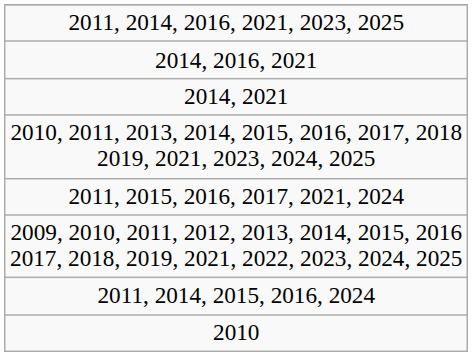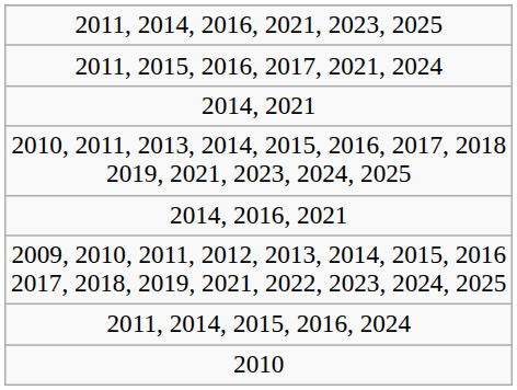 <table class="wikitable" style="text-align:center;">
 <tr>
 </tr>
 <tr>
 <td>2011, 2014, 2016, 2021, 2023, 2025<br></td>
 </tr>
 <tr>
-<td>2014, 2016, 2021<br></td>
+<td>2011, 2015, 2016, 2017, 2021, 2024<br></td>
 </tr>
 <tr>
 <td>2014, 2021<br></td>
 </tr>
 <tr>
 <td>2010, 2011, 2013, 2014, 2015, 2016, 2017, 2018<br> 2019, 2021, 2023, 2024, 2025<br></td>
 </tr>
 <tr>
-<td>2011, 2015, 2016, 2017, 2021, 2024<br></td>
+<td>2014, 2016, 2021<br></td>
 </tr>
 <tr>
 <td>2009, 2010, 2011, 2012, 2013, 2014, 2015, 2016<br> 2017, 2018, 2019, 2021, 2022, 2023, 2024, 2025<br></td>
 </tr>
 <tr>
 <td>2011, 2014, 2015, 2016, 2024<br></td>
 </tr>
 <tr>
 <td>2010</td>
 </tr>
 </table>
